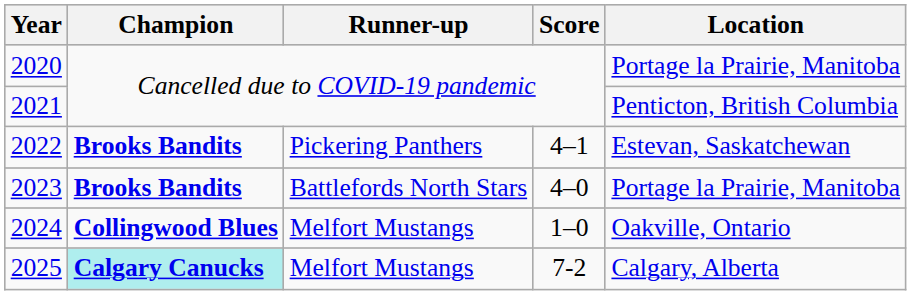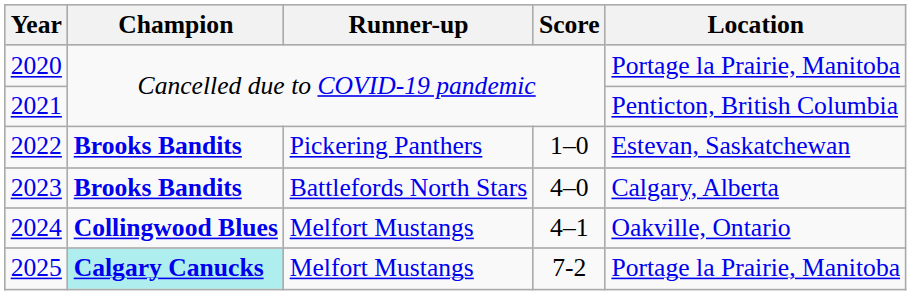 <table class="wikitable">
 <tr>
 <th>Year</th>
 <th>Champion</th>
 <th>Runner-up</th>
 <th>Score</th>
 <th>Location</th>
 </tr>
 <tr>
 <td><a href='#'>2020</a></td>
 <td colspan=3 rowspan=2 align=center><em>Cancelled due to <a href='#'>COVID-19 pandemic</a></em></td>
 <td><a href='#'>Portage la Prairie, Manitoba</a></td>
 </tr>
 <tr>
 <td><a href='#'>2021</a></td>
 <td><a href='#'>Penticton, British Columbia</a></td>
 </tr>
 <tr>
 <td><a href='#'>2022</a></td>
 <td><strong><a href='#'>Brooks Bandits</a></strong></td>
 <td><a href='#'>Pickering Panthers</a></td>
-<td align="center">4–1</td>
+<td align="center">1–0</td>
 <td><a href='#'>Estevan, Saskatchewan</a></td>
 </tr>
 <tr>
 <td><a href='#'>2023</a></td>
 <td><strong><a href='#'>Brooks Bandits</a></strong></td>
 <td><a href='#'>Battlefords North Stars</a></td>
 <td align="center">4–0</td>
-<td><a href='#'>Portage la Prairie, Manitoba</a></td>
+<td><a href='#'>Calgary, Alberta</a></td>
 </tr>
 <tr>
 <td><a href='#'>2024</a></td>
 <td><strong><a href='#'>Collingwood Blues</a></strong></td>
 <td><a href='#'>Melfort Mustangs</a></td>
-<td align="center">1–0</td>
+<td align="center">4–1</td>
 <td><a href='#'>Oakville, Ontario</a></td>
 </tr>
 <tr>
 <td><a href='#'>2025</a></td>
 <td style="background: paleturquoise;"><strong><a href='#'>Calgary Canucks</a></strong></td>
 <td><a href='#'>Melfort Mustangs</a></td>
 <td align="center">7-2</td>
-<td><a href='#'>Calgary, Alberta</a></td>
+<td><a href='#'>Portage la Prairie, Manitoba</a></td>
 </tr>
 </table>
